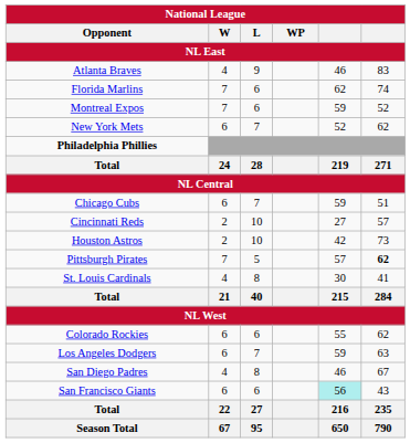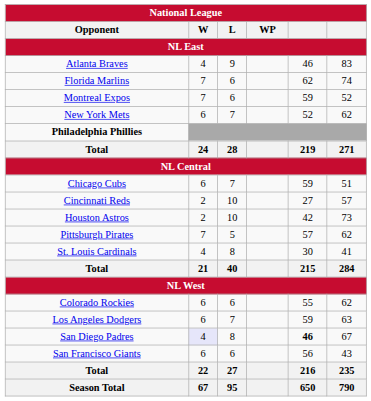 <table class="wikitable" style="font-size:95%; text-align:center; width:35em;margin: 0.5em auto;">
 <tr>
 <th colspan="7" style="background:#c60c30; color:#ffffff;">National League</th>
 </tr>
 <tr>
 <th>Opponent</th>
 <th>W</th>
 <th>L</th>
 <th>WP</th>
 <th></th>
 <th></th>
 </tr>
 <tr>
 <th colspan="7" style="background:#c60c30; color:#ffffff;">NL East</th>
 </tr>
 <tr>
 <td><a href='#'>Atlanta Braves</a></td>
 <td>4</td>
 <td>9</td>
 <td></td>
 <td>46</td>
 <td>83</td>
 </tr>
 <tr>
 <td><a href='#'>Florida Marlins</a></td>
 <td>7</td>
 <td>6</td>
 <td></td>
 <td>62</td>
 <td>74</td>
 </tr>
 <tr>
 <td><a href='#'>Montreal Expos</a></td>
 <td>7</td>
 <td>6</td>
 <td></td>
 <td>59</td>
 <td>52</td>
 </tr>
 <tr>
 <td><a href='#'>New York Mets</a></td>
 <td>6</td>
 <td>7</td>
 <td></td>
 <td>52</td>
 <td>62</td>
 </tr>
 <tr>
 <td><strong>Philadelphia Phillies</strong></td>
 <td colspan=5 style="background:darkgray;"></td>
 </tr>
 <tr>
 <th>Total</th>
 <th>24</th>
 <th>28</th>
 <th></th>
 <th>219</th>
 <th>271</th>
 </tr>
 <tr>
 <th colspan="7" style="background:#c60c30; color:#ffffff;">NL Central</th>
 </tr>
 <tr>
 <td><a href='#'>Chicago Cubs</a></td>
 <td>6</td>
 <td>7</td>
 <td></td>
 <td>59</td>
 <td>51</td>
 </tr>
 <tr>
 <td><a href='#'>Cincinnati Reds</a></td>
 <td>2</td>
 <td>10</td>
 <td></td>
 <td>27</td>
 <td>57</td>
 </tr>
 <tr>
 <td><a href='#'>Houston Astros</a></td>
 <td>2</td>
 <td>10</td>
 <td></td>
 <td>42</td>
 <td>73</td>
 </tr>
 <tr>
 <td><a href='#'>Pittsburgh Pirates</a></td>
 <td>7</td>
 <td>5</td>
 <td></td>
 <td>57</td>
-<td><strong>62</strong></td>
+<td>62</td>
 </tr>
 <tr>
 <td><a href='#'>St. Louis Cardinals</a></td>
 <td>4</td>
 <td>8</td>
 <td></td>
 <td>30</td>
 <td>41</td>
 </tr>
 <tr>
 <th>Total</th>
 <th>21</th>
 <th>40</th>
 <th></th>
 <th>215</th>
 <th>284</th>
 </tr>
 <tr>
 <th colspan="7" style="background:#c60c30; color:#ffffff;">NL West</th>
 </tr>
 <tr>
 <td><a href='#'>Colorado Rockies</a></td>
 <td>6</td>
 <td>6</td>
 <td></td>
 <td>55</td>
 <td>62</td>
 </tr>
 <tr>
 <td><a href='#'>Los Angeles Dodgers</a></td>
 <td>6</td>
 <td>7</td>
 <td></td>
 <td>59</td>
 <td>63</td>
 </tr>
 <tr>
 <td><a href='#'>San Diego Padres</a></td>
-<td>4</td>
+<td style="background: lavender;">4</td>
 <td>8</td>
 <td></td>
-<td>46</td>
+<td><strong>46</strong></td>
 <td>67</td>
 </tr>
 <tr>
 <td><a href='#'>San Francisco Giants</a></td>
 <td>6</td>
 <td>6</td>
 <td></td>
-<td style="background: paleturquoise;">56</td>
+<td>56</td>
 <td>43</td>
 </tr>
 <tr>
 <th>Total</th>
 <th>22</th>
 <th>27</th>
 <th></th>
 <th>216</th>
 <th>235</th>
 </tr>
 <tr>
 <th>Season Total</th>
 <th>67</th>
 <th>95</th>
 <th></th>
 <th>650</th>
 <th>790</th>
 </tr>
 </table>
